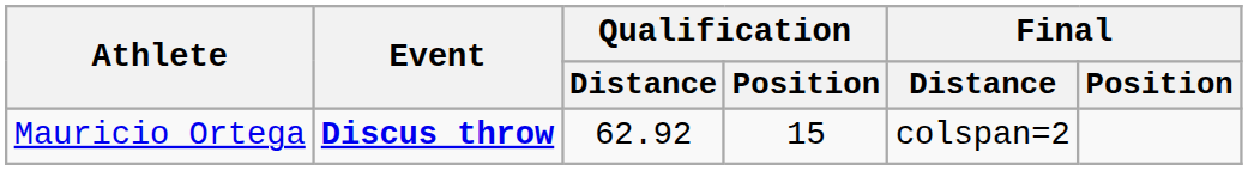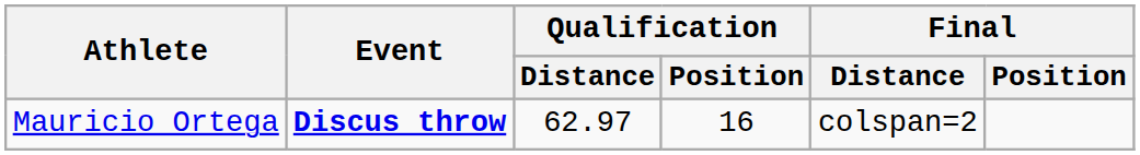 <table class=wikitable style=font-size:90%>
 <tr>
 <th rowspan=2>Athlete</th>
 <th rowspan=2>Event</th>
 <th colspan=2>Qualification</th>
 <th colspan=2>Final</th>
 </tr>
 <tr style=font-size:95%>
 <th>Distance</th>
 <th>Position</th>
 <th>Distance</th>
 <th>Position</th>
 </tr>
 <tr align=center>
 <td align=left><a href='#'>Mauricio Ortega</a></td>
 <td align=left><strong><a href='#'>Discus throw</a></strong></td>
-<td>62.92</td>
-<td>15</td>
+<td>62.97</td>
+<td>16</td>
 <td>colspan=2 </td>
 </tr>
 </table>
